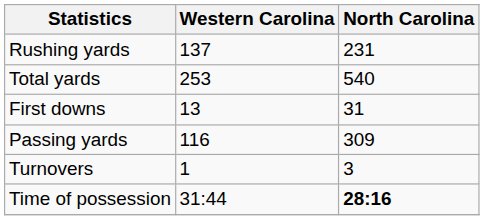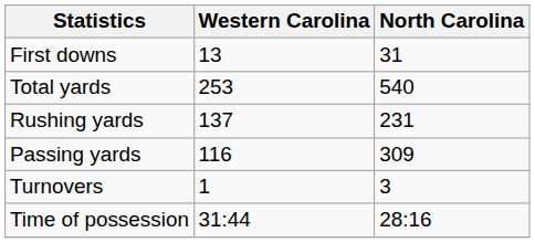 <table class="wikitable">
 <tr>
 <th>Statistics</th>
 <th>Western Carolina</th>
 <th>North Carolina</th>
 </tr>
 <tr>
-<td>Rushing yards</td>
-<td>137</td>
-<td>231</td>
+<td>First downs</td>
+<td>13</td>
+<td>31</td>
 </tr>
 <tr>
 <td>Total yards</td>
 <td>253</td>
 <td>540</td>
 </tr>
 <tr>
-<td>First downs</td>
-<td>13</td>
-<td>31</td>
+<td>Rushing yards</td>
+<td>137</td>
+<td>231</td>
 </tr>
 <tr>
 <td>Passing yards</td>
 <td>116</td>
 <td>309</td>
 </tr>
 <tr>
 <td>Turnovers</td>
 <td>1</td>
 <td>3</td>
 </tr>
 <tr>
 <td>Time of possession</td>
 <td>31:44</td>
-<td><strong>28:16</strong></td>
+<td>28:16</td>
 </tr>
 <tr>
 </tr>
 </table>
